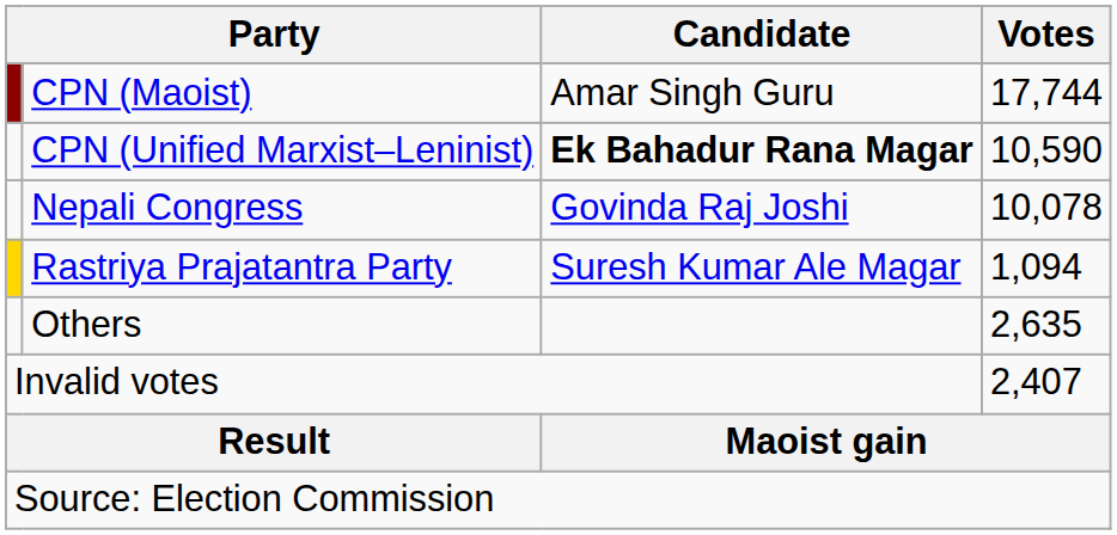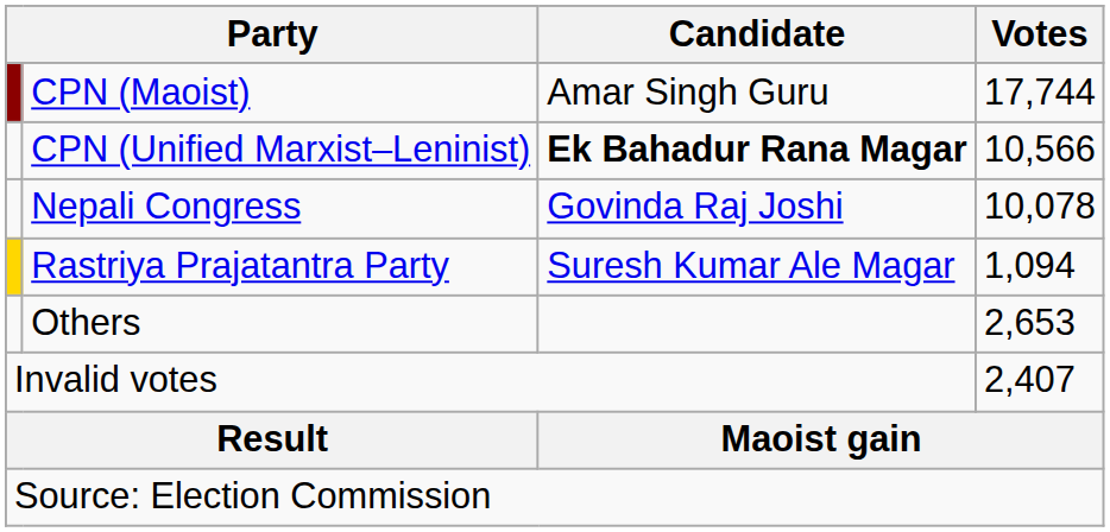 <table class="wikitable">
 <tr>
 <th colspan="2">Party</th>
 <th>Candidate</th>
 <th>Votes</th>
 </tr>
 <tr>
 <td style="background-color:darkred"></td>
 <td><a href='#'>CPN (Maoist)</a></td>
 <td>Amar Singh Guru</td>
 <td>17,744</td>
 </tr>
 <tr>
 <td style="background-color:"></td>
 <td><a href='#'>CPN (Unified Marxist–Leninist)</a></td>
 <td><strong>Ek Bahadur Rana Magar</strong></td>
-<td>10,590</td>
+<td>10,566</td>
 </tr>
 <tr>
 <td style="background-color:"></td>
 <td><a href='#'>Nepali Congress</a></td>
 <td><a href='#'>Govinda Raj Joshi</a></td>
 <td>10,078</td>
 </tr>
 <tr>
 <td style="background-color:gold"></td>
 <td><a href='#'>Rastriya Prajatantra Party</a></td>
 <td><a href='#'>Suresh Kumar Ale Magar</a></td>
 <td>1,094</td>
 </tr>
 <tr>
 <td></td>
 <td>Others</td>
 <td></td>
-<td>2,635</td>
+<td>2,653</td>
 </tr>
 <tr>
 <td colspan="3">Invalid votes</td>
 <td>2,407</td>
 </tr>
 <tr>
 <th colspan="2">Result</th>
 <th colspan="2">Maoist gain</th>
 </tr>
 <tr>
 <td colspan="4">Source: Election Commission</td>
 </tr>
 </table>
